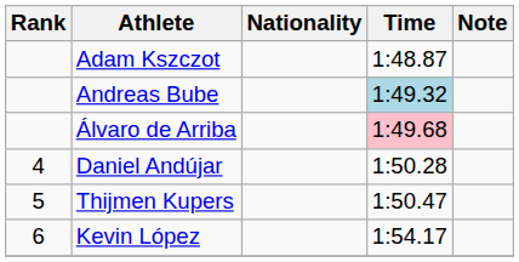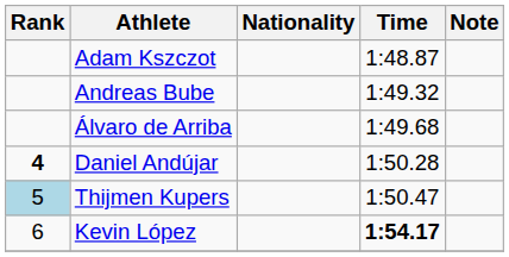 <table class="wikitable sortable" style="text-align:center">
 <tr>
 <th>Rank</th>
 <th>Athlete</th>
 <th>Nationality</th>
 <th>Time</th>
 <th>Note</th>
 </tr>
 <tr>
 <td></td>
 <td align=left><a href='#'>Adam Kszczot</a></td>
 <td align=left></td>
 <td>1:48.87</td>
 <td></td>
 </tr>
 <tr>
 <td></td>
 <td align=left><a href='#'>Andreas Bube</a></td>
 <td align=left></td>
-<td style="background: lightblue;">1:49.32</td>
+<td>1:49.32</td>
 <td></td>
 </tr>
 <tr>
 <td></td>
 <td align=left><a href='#'>Álvaro de Arriba</a></td>
 <td align=left></td>
-<td style="background: pink;">1:49.68</td>
+<td>1:49.68</td>
 <td></td>
 </tr>
 <tr>
-<td>4</td>
+<td><strong>4</strong></td>
 <td align=left><a href='#'>Daniel Andújar</a></td>
 <td align=left></td>
 <td>1:50.28</td>
 <td></td>
 </tr>
 <tr>
-<td>5</td>
+<td style="background: lightblue;">5</td>
 <td align=left><a href='#'>Thijmen Kupers</a></td>
 <td align=left></td>
 <td>1:50.47</td>
 <td></td>
 </tr>
 <tr>
 <td>6</td>
 <td align=left><a href='#'>Kevin López</a></td>
 <td align=left></td>
-<td>1:54.17</td>
+<td><strong>1:54.17</strong></td>
 <td></td>
 </tr>
 <tr>
 </tr>
 </table>
